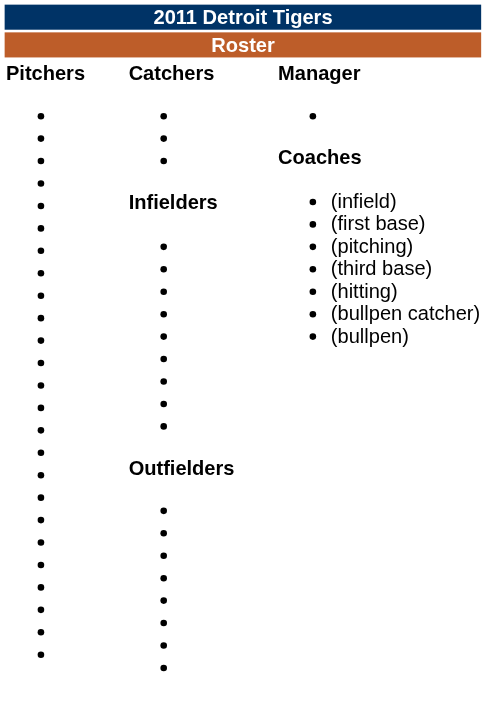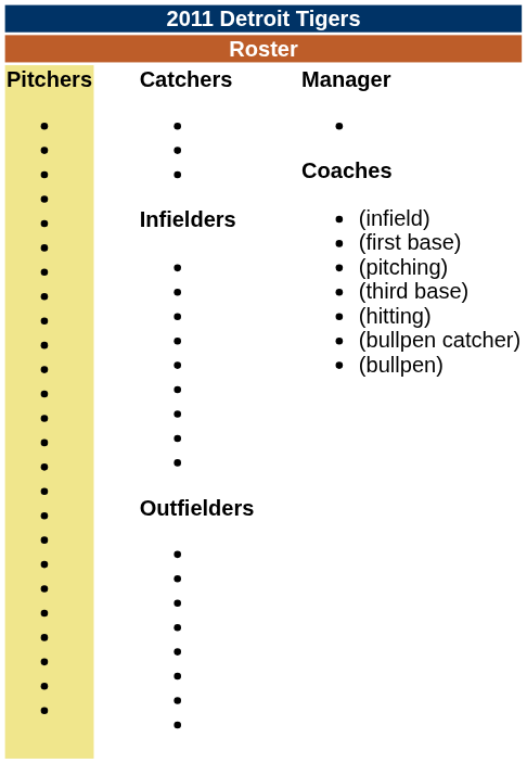 <table class="toccolours" style="font-size: 95%;">
 <tr>
 <th colspan="10" style="background-color: #003366; color: white; text-align: center;">2011 Detroit Tigers</th>
 </tr>
 <tr>
 <td colspan="10" style="background-color: #bd5d29; color: white; text-align: center;"><strong>Roster</strong></td>
 </tr>
 <tr>
-<td valign="top"><strong>Pitchers</strong><br><ul><li></li><li></li><li></li><li></li><li></li><li></li><li></li><li></li><li></li><li></li><li></li><li></li><li></li><li></li><li></li><li></li><li></li><li></li><li></li><li></li><li></li><li></li><li></li><li></li><li></li></ul></td>
+<td valign="top" style="background: khaki;"><strong>Pitchers</strong><br><ul><li></li><li></li><li></li><li></li><li></li><li></li><li></li><li></li><li></li><li></li><li></li><li></li><li></li><li></li><li></li><li></li><li></li><li></li><li></li><li></li><li></li><li></li><li></li><li></li><li></li></ul></td>
 <td width="25px"></td>
 <td valign="top"><strong>Catchers</strong><br><ul><li></li><li></li><li></li></ul><strong>Infielders</strong><ul><li></li><li></li><li></li><li></li><li></li><li></li><li></li><li></li><li></li></ul><strong>Outfielders</strong><ul><li></li><li></li><li></li><li></li><li></li><li></li><li></li><li></li></ul></td>
 <td width="25px"></td>
 <td valign="top"><strong>Manager</strong><br><ul><li></li></ul><strong>Coaches</strong><ul><li> (infield)</li><li> (first base)</li><li> (pitching)</li><li> (third base)</li><li> (hitting)</li><li> (bullpen catcher)</li><li> (bullpen)</li></ul></td>
 </tr>
 <tr>
 </tr>
 </table>
